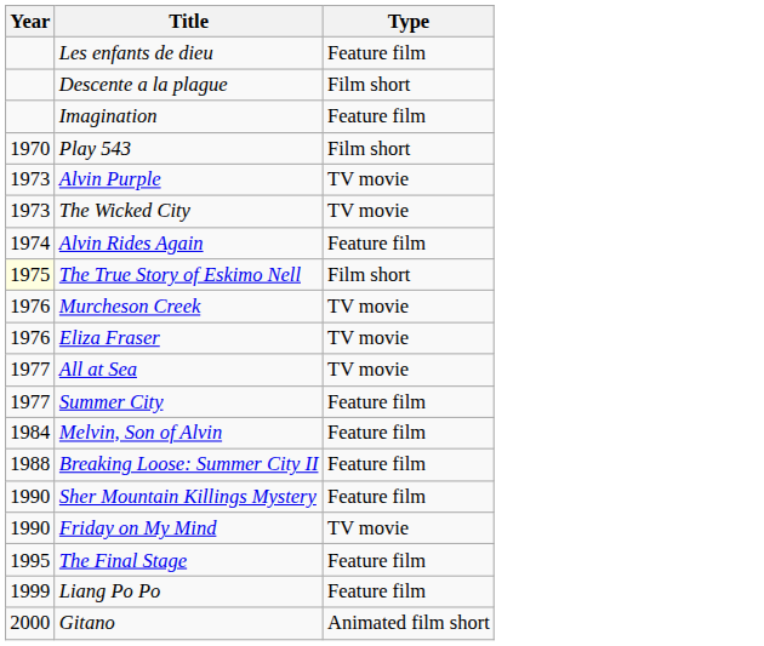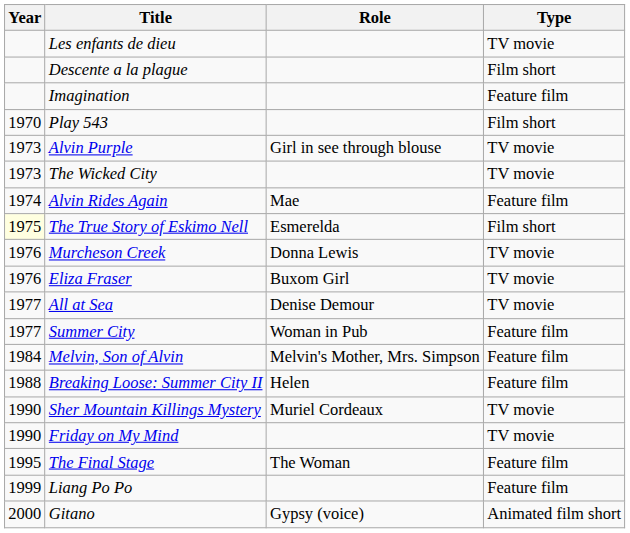 <table class="wikitable">
 <tr>
 <th>Year</th>
 <th>Title</th>
+<th>Role</th>
 <th>Type</th>
 </tr>
 <tr>
 <td></td>
 <td><em>Les enfants de dieu</em></td>
-<td>Feature film</td>
+<td></td>
+<td>TV movie</td>
 </tr>
 <tr>
 <td></td>
 <td><em>Descente a la plague</em></td>
+<td></td>
 <td>Film short</td>
 </tr>
 <tr>
 <td></td>
 <td><em>Imagination</em></td>
+<td></td>
 <td>Feature film</td>
 </tr>
 <tr>
 <td>1970</td>
 <td><em>Play 543</em></td>
+<td></td>
 <td>Film short</td>
 </tr>
 <tr>
 <td>1973</td>
 <td><em><a href='#'>Alvin Purple</a></em></td>
+<td>Girl in see through blouse</td>
 <td>TV movie</td>
 </tr>
 <tr>
 <td>1973</td>
 <td><em>The Wicked City</em></td>
+<td></td>
 <td>TV movie</td>
 </tr>
 <tr>
 <td>1974</td>
 <td><em><a href='#'>Alvin Rides Again</a></em></td>
+<td>Mae</td>
 <td>Feature film</td>
 </tr>
 <tr>
 <td style="background: lightyellow;">1975</td>
 <td><em><a href='#'>The True Story of Eskimo Nell</a></em></td>
+<td>Esmerelda</td>
 <td>Film short</td>
 </tr>
 <tr>
 <td>1976</td>
 <td><em><a href='#'>Murcheson Creek</a></em></td>
+<td>Donna Lewis</td>
 <td>TV movie</td>
 </tr>
 <tr>
 <td>1976</td>
 <td><em><a href='#'>Eliza Fraser</a></em></td>
+<td>Buxom Girl</td>
 <td>TV movie</td>
 </tr>
 <tr>
 <td>1977</td>
 <td><em><a href='#'>All at Sea</a></em></td>
+<td>Denise Demour</td>
 <td>TV movie</td>
 </tr>
 <tr>
 <td>1977</td>
 <td><em><a href='#'>Summer City</a></em></td>
+<td>Woman in Pub</td>
 <td>Feature film</td>
 </tr>
 <tr>
 <td>1984</td>
 <td><em><a href='#'>Melvin, Son of Alvin</a></em></td>
+<td>Melvin's Mother, Mrs. Simpson</td>
 <td>Feature film</td>
 </tr>
 <tr>
 <td>1988</td>
 <td><em><a href='#'>Breaking Loose: Summer City II</a></em></td>
+<td>Helen</td>
 <td>Feature film</td>
 </tr>
 <tr>
 <td>1990</td>
 <td><em><a href='#'>Sher Mountain Killings Mystery</a></em></td>
-<td>Feature film</td>
+<td>Muriel Cordeaux</td>
+<td>TV movie</td>
 </tr>
 <tr>
 <td>1990</td>
 <td><em><a href='#'>Friday on My Mind</a></em></td>
+<td></td>
 <td>TV movie</td>
 </tr>
 <tr>
 <td>1995</td>
 <td><em><a href='#'>The Final Stage</a></em></td>
+<td>The Woman</td>
 <td>Feature film</td>
 </tr>
 <tr>
 <td>1999</td>
 <td><em>Liang Po Po</em></td>
+<td></td>
 <td>Feature film</td>
 </tr>
 <tr>
 <td>2000</td>
 <td><em>Gitano</em></td>
+<td>Gypsy (voice)</td>
 <td>Animated film short</td>
 </tr>
 </table>
